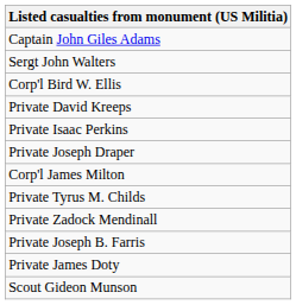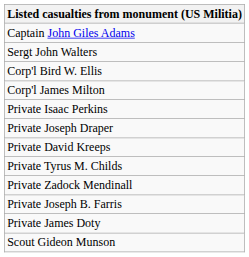 <table class="wikitable">
 <tr>
 <th>Listed casualties from monument (US Militia)</th>
 </tr>
 <tr>
 <td>Captain <a href='#'>John Giles Adams</a></td>
 </tr>
 <tr>
 <td>Sergt John Walters</td>
 </tr>
 <tr>
 <td>Corp'l Bird W. Ellis</td>
 </tr>
 <tr>
-<td>Private David Kreeps</td>
+<td>Corp'l James Milton</td>
 </tr>
 <tr>
 <td>Private Isaac Perkins</td>
 </tr>
 <tr>
 <td>Private Joseph Draper</td>
 </tr>
 <tr>
-<td>Corp'l James Milton</td>
+<td>Private David Kreeps</td>
 </tr>
 <tr>
 <td>Private Tyrus M. Childs</td>
 </tr>
 <tr>
 <td>Private Zadock Mendinall</td>
 </tr>
 <tr>
 <td>Private Joseph B. Farris</td>
 </tr>
 <tr>
 <td>Private James Doty</td>
 </tr>
 <tr>
 <td>Scout Gideon Munson</td>
 </tr>
 </table>
